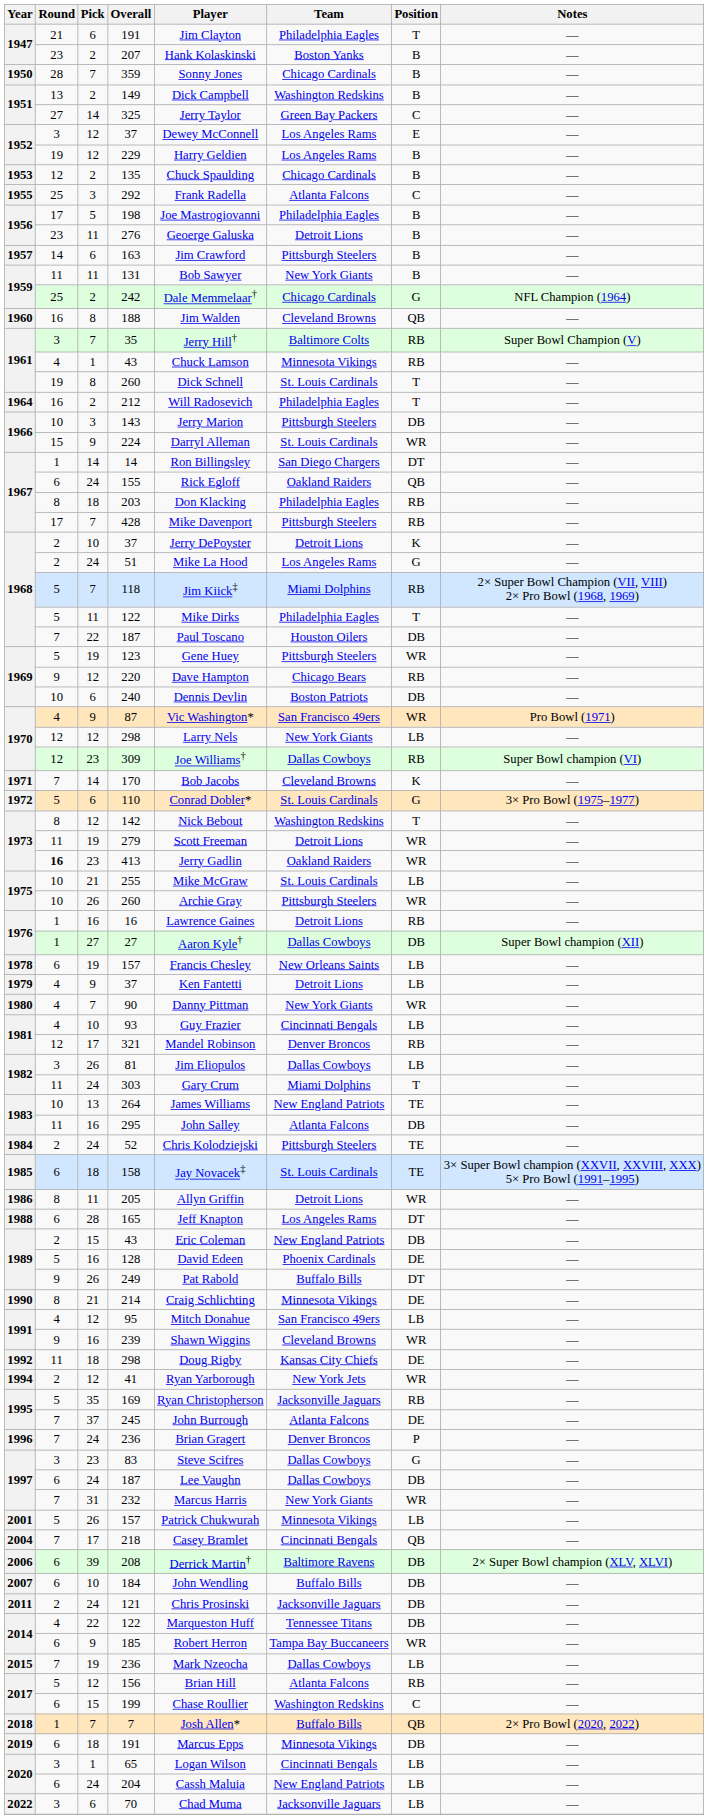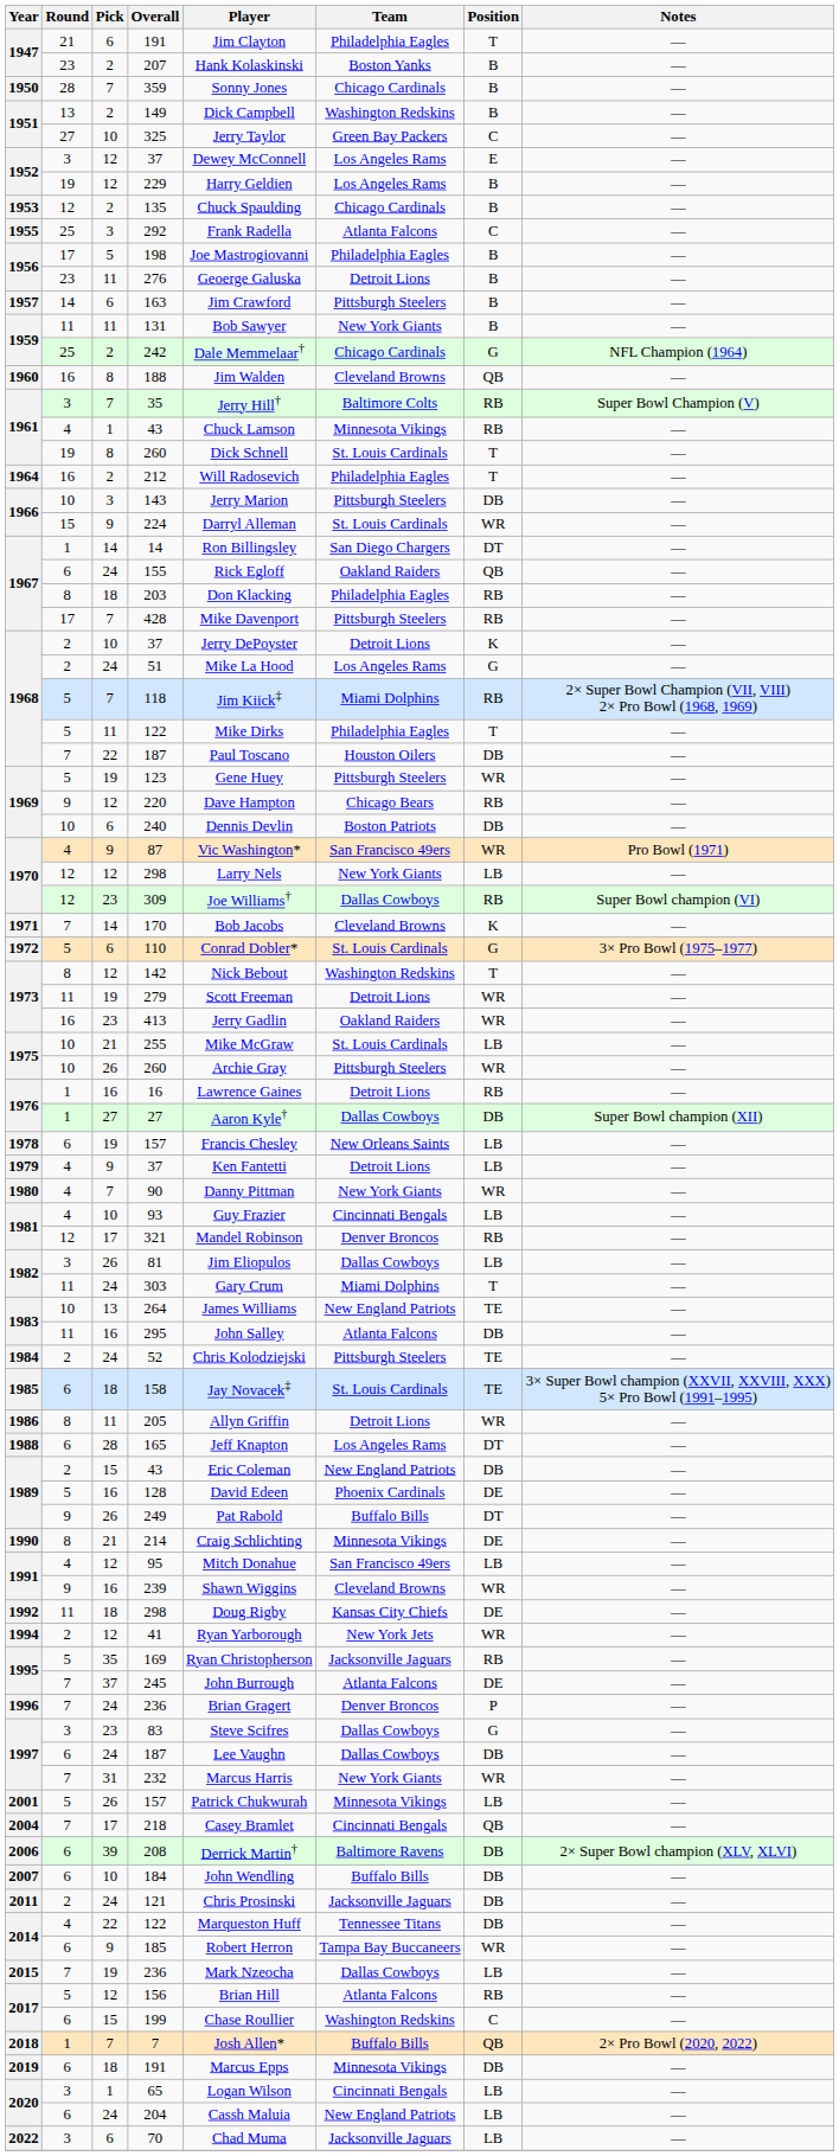 <table class="wikitable sortable" style="text-align: center;">
 <tr>
 <th>Year</th>
 <th>Round</th>
 <th>Pick</th>
 <th>Overall</th>
 <th>Player</th>
 <th>Team</th>
 <th>Position</th>
 <th>Notes</th>
 </tr>
 <tr>
 <th rowspan="2">1947</th>
 <td>21</td>
 <td>6</td>
 <td>191</td>
 <td><a href='#'>Jim Clayton</a></td>
 <td><a href='#'>Philadelphia Eagles</a></td>
 <td>T</td>
 <td>—</td>
 </tr>
 <tr>
 <td>23</td>
 <td>2</td>
 <td>207</td>
 <td><a href='#'>Hank Kolaskinski</a></td>
 <td><a href='#'>Boston Yanks</a></td>
 <td>B</td>
 <td>—</td>
 </tr>
 <tr>
 <th>1950</th>
 <td>28</td>
 <td>7</td>
 <td>359</td>
 <td><a href='#'>Sonny Jones</a></td>
 <td><a href='#'>Chicago Cardinals</a></td>
 <td>B</td>
 <td>—</td>
 </tr>
 <tr>
 <th rowspan="2">1951</th>
 <td>13</td>
 <td>2</td>
 <td>149</td>
 <td><a href='#'>Dick Campbell</a></td>
 <td><a href='#'>Washington Redskins</a></td>
 <td>B</td>
 <td>—</td>
 </tr>
 <tr>
 <td>27</td>
-<td>14</td>
+<td>10</td>
 <td>325</td>
 <td><a href='#'>Jerry Taylor</a></td>
 <td><a href='#'>Green Bay Packers</a></td>
 <td>C</td>
 <td>—</td>
 </tr>
 <tr>
 <th rowspan="2">1952</th>
 <td>3</td>
 <td>12</td>
 <td>37</td>
 <td><a href='#'>Dewey McConnell</a></td>
 <td><a href='#'>Los Angeles Rams</a></td>
 <td>E</td>
 <td>—</td>
 </tr>
 <tr>
 <td>19</td>
 <td>12</td>
 <td>229</td>
 <td><a href='#'>Harry Geldien</a></td>
 <td><a href='#'>Los Angeles Rams</a></td>
 <td>B</td>
 <td>—</td>
 </tr>
 <tr>
 <th>1953</th>
 <td>12</td>
 <td>2</td>
 <td>135</td>
 <td><a href='#'>Chuck Spaulding</a></td>
 <td><a href='#'>Chicago Cardinals</a></td>
 <td>B</td>
 <td>—</td>
 </tr>
 <tr>
 <th>1955</th>
 <td>25</td>
 <td>3</td>
 <td>292</td>
 <td><a href='#'>Frank Radella</a></td>
 <td><a href='#'>Atlanta Falcons</a></td>
 <td>C</td>
 <td>—</td>
 </tr>
 <tr>
 <th rowspan="2">1956</th>
 <td>17</td>
 <td>5</td>
 <td>198</td>
 <td><a href='#'>Joe Mastrogiovanni</a></td>
 <td><a href='#'>Philadelphia Eagles</a></td>
 <td>B</td>
 <td>—</td>
 </tr>
 <tr>
 <td>23</td>
 <td>11</td>
 <td>276</td>
 <td><a href='#'>Geoerge Galuska</a></td>
 <td><a href='#'>Detroit Lions</a></td>
 <td>B</td>
 <td>—</td>
 </tr>
 <tr>
 <th>1957</th>
 <td>14</td>
 <td>6</td>
 <td>163</td>
 <td><a href='#'>Jim Crawford</a></td>
 <td><a href='#'>Pittsburgh Steelers</a></td>
 <td>B</td>
 <td>—</td>
 </tr>
 <tr>
 <th rowspan="2">1959</th>
 <td>11</td>
 <td>11</td>
 <td>131</td>
 <td><a href='#'>Bob Sawyer</a></td>
 <td><a href='#'>New York Giants</a></td>
 <td>B</td>
 <td>—</td>
 </tr>
 <tr style="background:#dfd;">
 <td>25</td>
 <td>2</td>
 <td>242</td>
 <td style="background-color:#dfd;"><a href='#'>Dale Memmelaar</a><sup>†</sup></td>
 <td><a href='#'>Chicago Cardinals</a></td>
 <td>G</td>
 <td>NFL Champion (<a href='#'>1964</a>)</td>
 </tr>
 <tr>
 <th>1960</th>
 <td>16</td>
 <td>8</td>
 <td>188</td>
 <td><a href='#'>Jim Walden</a></td>
 <td><a href='#'>Cleveland Browns</a></td>
 <td>QB</td>
 <td>—</td>
 </tr>
 <tr style="background:#dfd;">
 <th rowspan="3">1961</th>
 <td>3</td>
 <td>7</td>
 <td>35</td>
 <td style="background-color:#dfd;"><a href='#'>Jerry Hill</a><sup>†</sup></td>
 <td><a href='#'>Baltimore Colts</a></td>
 <td>RB</td>
 <td>Super Bowl Champion (<a href='#'>V</a>)</td>
 </tr>
 <tr>
 <td>4</td>
 <td>1</td>
 <td>43</td>
 <td><a href='#'>Chuck Lamson</a></td>
 <td><a href='#'>Minnesota Vikings</a></td>
 <td>RB</td>
 <td>—</td>
 </tr>
 <tr>
 <td>19</td>
 <td>8</td>
 <td>260</td>
 <td><a href='#'>Dick Schnell</a></td>
 <td><a href='#'>St. Louis Cardinals</a></td>
 <td>T</td>
 <td>—</td>
 </tr>
 <tr>
 <th>1964</th>
 <td>16</td>
 <td>2</td>
 <td>212</td>
 <td><a href='#'>Will Radosevich</a></td>
 <td><a href='#'>Philadelphia Eagles</a></td>
 <td>T</td>
 <td>—</td>
 </tr>
 <tr>
 <th rowspan="2">1966</th>
 <td>10</td>
 <td>3</td>
 <td>143</td>
 <td><a href='#'>Jerry Marion</a></td>
 <td><a href='#'>Pittsburgh Steelers</a></td>
 <td>DB</td>
 <td>—</td>
 </tr>
 <tr>
 <td>15</td>
 <td>9</td>
 <td>224</td>
 <td><a href='#'>Darryl Alleman</a></td>
 <td><a href='#'>St. Louis Cardinals</a></td>
 <td>WR</td>
 <td>—</td>
 </tr>
 <tr>
 <th rowspan="4">1967</th>
 <td>1</td>
 <td>14</td>
 <td>14</td>
 <td><a href='#'>Ron Billingsley</a></td>
 <td><a href='#'>San Diego Chargers</a></td>
 <td>DT</td>
 <td>—</td>
 </tr>
 <tr>
 <td>6</td>
 <td>24</td>
 <td>155</td>
 <td><a href='#'>Rick Egloff</a></td>
 <td><a href='#'>Oakland Raiders</a></td>
 <td>QB</td>
 <td>—</td>
 </tr>
 <tr>
 <td>8</td>
 <td>18</td>
 <td>203</td>
 <td><a href='#'>Don Klacking</a></td>
 <td><a href='#'>Philadelphia Eagles</a></td>
 <td>RB</td>
 <td>—</td>
 </tr>
 <tr>
 <td>17</td>
 <td>7</td>
 <td>428</td>
 <td><a href='#'>Mike Davenport</a></td>
 <td><a href='#'>Pittsburgh Steelers</a></td>
 <td>RB</td>
 <td>—</td>
 </tr>
 <tr>
 <th rowspan="5">1968</th>
 <td>2</td>
 <td>10</td>
 <td>37</td>
 <td><a href='#'>Jerry DePoyster</a></td>
 <td><a href='#'>Detroit Lions</a></td>
 <td>K</td>
 <td>—</td>
 </tr>
 <tr>
 <td>2</td>
 <td>24</td>
 <td>51</td>
 <td><a href='#'>Mike La Hood</a></td>
 <td><a href='#'>Los Angeles Rams</a></td>
 <td>G</td>
 <td>—</td>
 </tr>
 <tr style="background:#d0e7ff;">
 <td>5</td>
 <td>7</td>
 <td>118</td>
 <td style="background-color:#d0e7ff;"><a href='#'>Jim Kiick</a><sup>‡</sup></td>
 <td><a href='#'>Miami Dolphins</a></td>
 <td>RB</td>
 <td>2× Super Bowl Champion (<a href='#'>VII</a>, <a href='#'>VIII</a>)<br>2× Pro Bowl (<a href='#'>1968</a>, <a href='#'>1969</a>)</td>
 </tr>
 <tr>
 <td>5</td>
 <td>11</td>
 <td>122</td>
 <td><a href='#'>Mike Dirks</a></td>
 <td><a href='#'>Philadelphia Eagles</a></td>
 <td>T</td>
 <td>—</td>
 </tr>
 <tr>
 <td>7</td>
 <td>22</td>
 <td>187</td>
 <td><a href='#'>Paul Toscano</a></td>
 <td><a href='#'>Houston Oilers</a></td>
 <td>DB</td>
 <td>—</td>
 </tr>
 <tr>
 <th rowspan="3">1969</th>
 <td>5</td>
 <td>19</td>
 <td>123</td>
 <td><a href='#'>Gene Huey</a></td>
 <td><a href='#'>Pittsburgh Steelers</a></td>
 <td>WR</td>
 <td>—</td>
 </tr>
 <tr>
 <td>9</td>
 <td>12</td>
 <td>220</td>
 <td><a href='#'>Dave Hampton</a></td>
 <td><a href='#'>Chicago Bears</a></td>
 <td>RB</td>
 <td>—</td>
 </tr>
 <tr>
 <td>10</td>
 <td>6</td>
 <td>240</td>
 <td><a href='#'>Dennis Devlin</a></td>
 <td><a href='#'>Boston Patriots</a></td>
 <td>DB</td>
 <td>—</td>
 </tr>
 <tr style="background:#ffe6bd;">
 <th rowspan="3">1970</th>
 <td>4</td>
 <td>9</td>
 <td>87</td>
 <td style="background-color:#ffe6bd"><a href='#'>Vic Washington</a>*</td>
 <td><a href='#'>San Francisco 49ers</a></td>
 <td>WR</td>
 <td>Pro Bowl (<a href='#'>1971</a>)</td>
 </tr>
 <tr>
 <td>12</td>
 <td>12</td>
 <td>298</td>
 <td><a href='#'>Larry Nels</a></td>
 <td><a href='#'>New York Giants</a></td>
 <td>LB</td>
 <td>—</td>
 </tr>
 <tr style="background:#dfd;">
 <td>12</td>
 <td>23</td>
 <td>309</td>
 <td style="background-color:#dfd;"><a href='#'>Joe Williams</a><sup>†</sup></td>
 <td><a href='#'>Dallas Cowboys</a></td>
 <td>RB</td>
 <td>Super Bowl champion (<a href='#'>VI</a>)</td>
 </tr>
 <tr>
 <th>1971</th>
 <td>7</td>
 <td>14</td>
 <td>170</td>
 <td><a href='#'>Bob Jacobs</a></td>
 <td><a href='#'>Cleveland Browns</a></td>
 <td>K</td>
 <td>—</td>
 </tr>
 <tr style="background:#ffe6bd;">
 <th>1972</th>
 <td>5</td>
 <td>6</td>
 <td>110</td>
 <td style="background-color:#ffe6bd"><a href='#'>Conrad Dobler</a>*</td>
 <td><a href='#'>St. Louis Cardinals</a></td>
 <td>G</td>
 <td>3× Pro Bowl (<a href='#'>1975</a>–<a href='#'>1977</a>)</td>
 </tr>
 <tr>
 <th rowspan="3">1973</th>
 <td>8</td>
 <td>12</td>
 <td>142</td>
 <td><a href='#'>Nick Bebout</a></td>
 <td><a href='#'>Washington Redskins</a></td>
 <td>T</td>
 <td>—</td>
 </tr>
 <tr>
 <td>11</td>
 <td>19</td>
 <td>279</td>
 <td><a href='#'>Scott Freeman</a></td>
 <td><a href='#'>Detroit Lions</a></td>
 <td>WR</td>
 <td>—</td>
 </tr>
 <tr>
-<td><strong>16</strong></td>
+<td>16</td>
 <td>23</td>
 <td>413</td>
 <td><a href='#'>Jerry Gadlin</a></td>
 <td><a href='#'>Oakland Raiders</a></td>
 <td>WR</td>
 <td>—</td>
 </tr>
 <tr>
 <th rowspan="2">1975</th>
 <td>10</td>
 <td>21</td>
 <td>255</td>
 <td><a href='#'>Mike McGraw</a></td>
 <td><a href='#'>St. Louis Cardinals</a></td>
 <td>LB</td>
 <td>—</td>
 </tr>
 <tr>
 <td>10</td>
 <td>26</td>
 <td>260</td>
 <td><a href='#'>Archie Gray</a></td>
 <td><a href='#'>Pittsburgh Steelers</a></td>
 <td>WR</td>
 <td>—</td>
 </tr>
 <tr>
 <th rowspan="2">1976</th>
 <td>1</td>
 <td>16</td>
 <td>16</td>
 <td><a href='#'>Lawrence Gaines</a></td>
 <td><a href='#'>Detroit Lions</a></td>
 <td>RB</td>
 <td>—</td>
 </tr>
 <tr style="background:#dfd;">
 <td>1</td>
 <td>27</td>
 <td>27</td>
 <td style="background-color:#dfd;"><a href='#'>Aaron Kyle</a><sup>†</sup></td>
 <td><a href='#'>Dallas Cowboys</a></td>
 <td>DB</td>
 <td>Super Bowl champion (<a href='#'>XII</a>)</td>
 </tr>
 <tr>
 <th>1978</th>
 <td>6</td>
 <td>19</td>
 <td>157</td>
 <td><a href='#'>Francis Chesley</a></td>
 <td><a href='#'>New Orleans Saints</a></td>
 <td>LB</td>
 <td>—</td>
 </tr>
 <tr>
 <th>1979</th>
 <td>4</td>
 <td>9</td>
 <td>37</td>
 <td><a href='#'>Ken Fantetti</a></td>
 <td><a href='#'>Detroit Lions</a></td>
 <td>LB</td>
 <td>—</td>
 </tr>
 <tr>
 <th>1980</th>
 <td>4</td>
 <td>7</td>
 <td>90</td>
 <td><a href='#'>Danny Pittman</a></td>
 <td><a href='#'>New York Giants</a></td>
 <td>WR</td>
 <td>—</td>
 </tr>
 <tr>
 <th rowspan="2">1981</th>
 <td>4</td>
 <td>10</td>
 <td>93</td>
 <td><a href='#'>Guy Frazier</a></td>
 <td><a href='#'>Cincinnati Bengals</a></td>
 <td>LB</td>
 <td>—</td>
 </tr>
 <tr>
 <td>12</td>
 <td>17</td>
 <td>321</td>
 <td><a href='#'>Mandel Robinson</a></td>
 <td><a href='#'>Denver Broncos</a></td>
 <td>RB</td>
 <td>—</td>
 </tr>
 <tr>
 <th rowspan="2">1982</th>
 <td>3</td>
 <td>26</td>
 <td>81</td>
 <td><a href='#'>Jim Eliopulos</a></td>
 <td><a href='#'>Dallas Cowboys</a></td>
 <td>LB</td>
 <td>—</td>
 </tr>
 <tr>
 <td>11</td>
 <td>24</td>
 <td>303</td>
 <td><a href='#'>Gary Crum</a></td>
 <td><a href='#'>Miami Dolphins</a></td>
 <td>T</td>
 <td>—</td>
 </tr>
 <tr>
 <th rowspan="2">1983</th>
 <td>10</td>
 <td>13</td>
 <td>264</td>
 <td><a href='#'>James Williams</a></td>
 <td><a href='#'>New England Patriots</a></td>
 <td>TE</td>
 <td>—</td>
 </tr>
 <tr>
 <td>11</td>
 <td>16</td>
 <td>295</td>
 <td><a href='#'>John Salley</a></td>
 <td><a href='#'>Atlanta Falcons</a></td>
 <td>DB</td>
 <td>—</td>
 </tr>
 <tr>
 <th>1984</th>
 <td>2</td>
 <td>24</td>
 <td>52</td>
 <td><a href='#'>Chris Kolodziejski</a></td>
 <td><a href='#'>Pittsburgh Steelers</a></td>
 <td>TE</td>
 <td>—</td>
 </tr>
 <tr style="background:#d0e7ff;">
 <th>1985</th>
 <td>6</td>
 <td>18</td>
 <td>158</td>
 <td style="background-color:#d0e7ff;"><a href='#'>Jay Novacek</a><sup>‡</sup></td>
 <td><a href='#'>St. Louis Cardinals</a></td>
 <td>TE</td>
 <td>3× Super Bowl champion (<a href='#'>XXVII</a>, <a href='#'>XXVIII</a>, <a href='#'>XXX</a>)<br>5× Pro Bowl (<a href='#'>1991</a>–<a href='#'>1995</a>)</td>
 </tr>
 <tr>
 <th>1986</th>
 <td>8</td>
 <td>11</td>
 <td>205</td>
 <td><a href='#'>Allyn Griffin</a></td>
 <td><a href='#'>Detroit Lions</a></td>
 <td>WR</td>
 <td>—</td>
 </tr>
 <tr>
 <th>1988</th>
 <td>6</td>
 <td>28</td>
 <td>165</td>
 <td><a href='#'>Jeff Knapton</a></td>
 <td><a href='#'>Los Angeles Rams</a></td>
 <td>DT</td>
 <td>—</td>
 </tr>
 <tr>
 <th rowspan="3">1989</th>
 <td>2</td>
 <td>15</td>
 <td>43</td>
 <td><a href='#'>Eric Coleman</a></td>
 <td><a href='#'>New England Patriots</a></td>
 <td>DB</td>
 <td>—</td>
 </tr>
 <tr>
 <td>5</td>
 <td>16</td>
 <td>128</td>
 <td><a href='#'>David Edeen</a></td>
 <td><a href='#'>Phoenix Cardinals</a></td>
 <td>DE</td>
 <td>—</td>
 </tr>
 <tr>
 <td>9</td>
 <td>26</td>
 <td>249</td>
 <td><a href='#'>Pat Rabold</a></td>
 <td><a href='#'>Buffalo Bills</a></td>
 <td>DT</td>
 <td>—</td>
 </tr>
 <tr>
 <th>1990</th>
 <td>8</td>
 <td>21</td>
 <td>214</td>
 <td><a href='#'>Craig Schlichting</a></td>
 <td><a href='#'>Minnesota Vikings</a></td>
 <td>DE</td>
 <td>—</td>
 </tr>
 <tr>
 <th rowspan="2">1991</th>
 <td>4</td>
 <td>12</td>
 <td>95</td>
 <td><a href='#'>Mitch Donahue</a></td>
 <td><a href='#'>San Francisco 49ers</a></td>
 <td>LB</td>
 <td>—</td>
 </tr>
 <tr>
 <td>9</td>
 <td>16</td>
 <td>239</td>
 <td><a href='#'>Shawn Wiggins</a></td>
 <td><a href='#'>Cleveland Browns</a></td>
 <td>WR</td>
 <td>—</td>
 </tr>
 <tr>
 <th>1992</th>
 <td>11</td>
 <td>18</td>
 <td>298</td>
 <td><a href='#'>Doug Rigby</a></td>
 <td><a href='#'>Kansas City Chiefs</a></td>
 <td>DE</td>
 <td>—</td>
 </tr>
 <tr>
 <th>1994</th>
 <td>2</td>
 <td>12</td>
 <td>41</td>
 <td><a href='#'>Ryan Yarborough</a></td>
 <td><a href='#'>New York Jets</a></td>
 <td>WR</td>
 <td>—</td>
 </tr>
 <tr>
 <th rowspan="2">1995</th>
 <td>5</td>
 <td>35</td>
 <td>169</td>
 <td><a href='#'>Ryan Christopherson</a></td>
 <td><a href='#'>Jacksonville Jaguars</a></td>
 <td>RB</td>
 <td>—</td>
 </tr>
 <tr>
 <td>7</td>
 <td>37</td>
 <td>245</td>
 <td><a href='#'>John Burrough</a></td>
 <td><a href='#'>Atlanta Falcons</a></td>
 <td>DE</td>
 <td>—</td>
 </tr>
 <tr>
 <th>1996</th>
 <td>7</td>
 <td>24</td>
 <td>236</td>
 <td><a href='#'>Brian Gragert</a></td>
 <td><a href='#'>Denver Broncos</a></td>
 <td>P</td>
 <td>—</td>
 </tr>
 <tr>
 <th rowspan="3">1997</th>
 <td>3</td>
 <td>23</td>
 <td>83</td>
 <td><a href='#'>Steve Scifres</a></td>
 <td><a href='#'>Dallas Cowboys</a></td>
 <td>G</td>
 <td>—</td>
 </tr>
 <tr>
 <td>6</td>
 <td>24</td>
 <td>187</td>
 <td><a href='#'>Lee Vaughn</a></td>
 <td><a href='#'>Dallas Cowboys</a></td>
 <td>DB</td>
 <td>—</td>
 </tr>
 <tr>
 <td>7</td>
 <td>31</td>
 <td>232</td>
 <td><a href='#'>Marcus Harris</a></td>
 <td><a href='#'>New York Giants</a></td>
 <td>WR</td>
 <td>—</td>
 </tr>
 <tr>
 <th>2001</th>
 <td>5</td>
 <td>26</td>
 <td>157</td>
 <td><a href='#'>Patrick Chukwurah</a></td>
 <td><a href='#'>Minnesota Vikings</a></td>
 <td>LB</td>
 <td>—</td>
 </tr>
 <tr>
 <th>2004</th>
 <td>7</td>
 <td>17</td>
 <td>218</td>
 <td><a href='#'>Casey Bramlet</a></td>
 <td><a href='#'>Cincinnati Bengals</a></td>
 <td>QB</td>
 <td>—</td>
 </tr>
 <tr style="background:#dfd;">
 <th>2006</th>
 <td>6</td>
 <td>39</td>
 <td>208</td>
 <td style="background-color:#dfd"><a href='#'>Derrick Martin</a><sup>†</sup></td>
 <td><a href='#'>Baltimore Ravens</a></td>
 <td>DB</td>
 <td>2× Super Bowl champion (<a href='#'>XLV</a>, <a href='#'>XLVI</a>)</td>
 </tr>
 <tr>
 <th>2007</th>
 <td>6</td>
 <td>10</td>
 <td>184</td>
 <td><a href='#'>John Wendling</a></td>
 <td><a href='#'>Buffalo Bills</a></td>
 <td>DB</td>
 <td>—</td>
 </tr>
 <tr>
 <th>2011</th>
 <td>2</td>
 <td>24</td>
 <td>121</td>
 <td><a href='#'>Chris Prosinski</a></td>
 <td><a href='#'>Jacksonville Jaguars</a></td>
 <td>DB</td>
 <td>—</td>
 </tr>
 <tr>
 <th rowspan="2">2014</th>
 <td>4</td>
 <td>22</td>
 <td>122</td>
 <td><a href='#'>Marqueston Huff</a></td>
 <td><a href='#'>Tennessee Titans</a></td>
 <td>DB</td>
 <td>—</td>
 </tr>
 <tr>
 <td>6</td>
 <td>9</td>
 <td>185</td>
 <td><a href='#'>Robert Herron</a></td>
 <td><a href='#'>Tampa Bay Buccaneers</a></td>
 <td>WR</td>
 <td>—</td>
 </tr>
 <tr>
 <th>2015</th>
 <td>7</td>
 <td>19</td>
 <td>236</td>
 <td><a href='#'>Mark Nzeocha</a></td>
 <td><a href='#'>Dallas Cowboys</a></td>
 <td>LB</td>
 <td>—</td>
 </tr>
 <tr>
 <th rowspan="2">2017</th>
 <td>5</td>
 <td>12</td>
 <td>156</td>
 <td><a href='#'>Brian Hill</a></td>
 <td><a href='#'>Atlanta Falcons</a></td>
 <td>RB</td>
 <td>—</td>
 </tr>
 <tr>
 <td>6</td>
 <td>15</td>
 <td>199</td>
 <td><a href='#'>Chase Roullier</a></td>
 <td><a href='#'>Washington Redskins</a></td>
 <td>C</td>
 <td>—</td>
 </tr>
 <tr style="background:#ffe6bd;">
 <th>2018</th>
 <td>1</td>
 <td>7</td>
 <td>7</td>
 <td><a href='#'>Josh Allen</a>*</td>
 <td><a href='#'>Buffalo Bills</a></td>
 <td>QB</td>
 <td>2× Pro Bowl (<a href='#'>2020</a>, <a href='#'>2022</a>)</td>
 </tr>
 <tr>
 <th>2019</th>
 <td>6</td>
 <td>18</td>
 <td>191</td>
 <td><a href='#'>Marcus Epps</a></td>
 <td><a href='#'>Minnesota Vikings</a></td>
 <td>DB</td>
 <td>—</td>
 </tr>
 <tr>
 <th rowspan="2">2020</th>
 <td>3</td>
 <td>1</td>
 <td>65</td>
 <td><a href='#'>Logan Wilson</a></td>
 <td><a href='#'>Cincinnati Bengals</a></td>
 <td>LB</td>
 <td>—</td>
 </tr>
 <tr>
 <td>6</td>
 <td>24</td>
 <td>204</td>
 <td><a href='#'>Cassh Maluia</a></td>
 <td><a href='#'>New England Patriots</a></td>
 <td>LB</td>
 <td>—</td>
 </tr>
 <tr>
 <th rowspan="1">2022</th>
 <td>3</td>
 <td>6</td>
 <td>70</td>
 <td><a href='#'>Chad Muma</a></td>
 <td><a href='#'>Jacksonville Jaguars</a></td>
 <td>LB</td>
 <td>—</td>
 </tr>
 <tr>
 </tr>
 </table>
